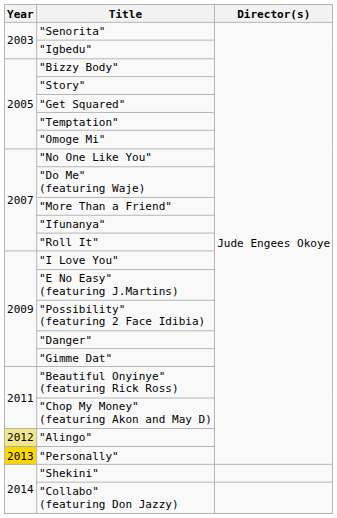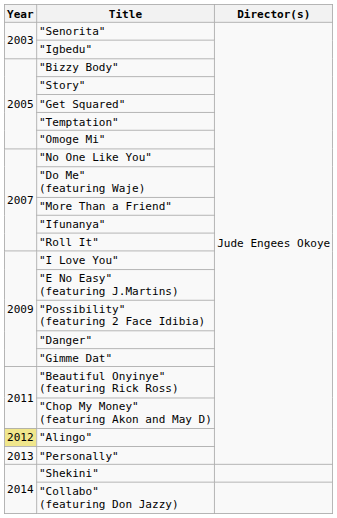 <table class="wikitable">
 <tr>
 <th>Year</th>
 <th>Title</th>
 <th>Director(s)</th>
 </tr>
 <tr>
 <td rowspan="2">2003</td>
 <td>"Senorita"</td>
 <td rowspan="21">Jude Engees Okoye</td>
 </tr>
 <tr>
 <td>"Igbedu"</td>
 </tr>
 <tr>
 <td rowspan="5">2005</td>
 <td>"Bizzy Body"</td>
 </tr>
 <tr>
 <td>"Story"</td>
 </tr>
 <tr>
 <td>"Get Squared"</td>
 </tr>
 <tr>
 <td>"Temptation"</td>
 </tr>
 <tr>
 <td>"Omoge Mi"</td>
 </tr>
 <tr>
 <td rowspan="5">2007</td>
 <td>"No One Like You"</td>
 </tr>
 <tr>
 <td>"Do Me" <br><span>(featuring Waje)</span></td>
 </tr>
 <tr>
 <td>"More Than a Friend"</td>
 </tr>
 <tr>
 <td>"Ifunanya"</td>
 </tr>
 <tr>
 <td>"Roll It"</td>
 </tr>
 <tr>
 <td rowspan="5">2009</td>
 <td>"I Love You"</td>
 </tr>
 <tr>
 <td>"E No Easy"<br><span>(featuring J.Martins)</span></td>
 </tr>
 <tr>
 <td>"Possibility"<br><span>(featuring 2 Face Idibia)</span></td>
 </tr>
 <tr>
 <td>"Danger"</td>
 </tr>
 <tr>
 <td>"Gimme Dat"</td>
 </tr>
 <tr>
 <td rowspan="2">2011</td>
 <td>"Beautiful Onyinye" <br><span>(featuring Rick Ross)</span></td>
 </tr>
 <tr>
 <td>"Chop My Money"<br><span>(featuring Akon and May D)</span></td>
 </tr>
 <tr>
 <td rowspan="1" style="background: khaki;">2012</td>
 <td>"Alingo"</td>
 </tr>
 <tr>
-<td rowspan="1" style="background: gold;">2013</td>
+<td rowspan="1">2013</td>
 <td>"Personally"</td>
 </tr>
 <tr>
 <td rowspan="2">2014</td>
 <td>"Shekini"</td>
 <td></td>
 </tr>
 <tr>
 <td>"Collabo"  <br> <span>(featuring Don Jazzy)</span></td>
 <td></td>
 </tr>
 </table>
